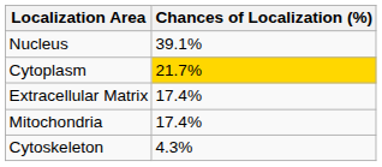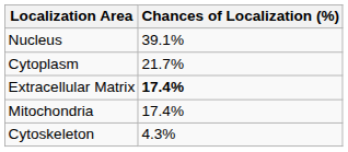 <table class="wikitable">
 <tr>
 <th>Localization Area</th>
 <th>Chances of Localization (%)</th>
 </tr>
 <tr>
 <td>Nucleus</td>
 <td>39.1%</td>
 </tr>
 <tr>
 <td>Cytoplasm</td>
-<td style="background: gold;">21.7%</td>
+<td>21.7%</td>
 </tr>
 <tr>
 <td>Extracellular Matrix</td>
-<td>17.4%</td>
+<td><strong>17.4%</strong></td>
 </tr>
 <tr>
 <td>Mitochondria</td>
 <td>17.4%</td>
 </tr>
 <tr>
 <td>Cytoskeleton</td>
 <td>4.3%</td>
 </tr>
 </table>
